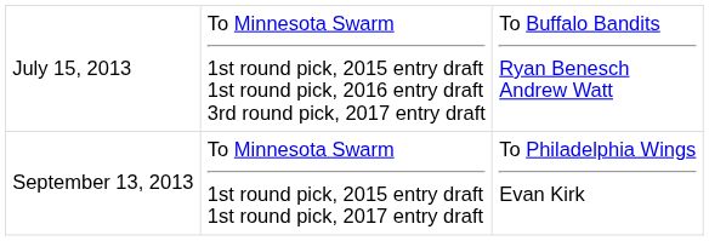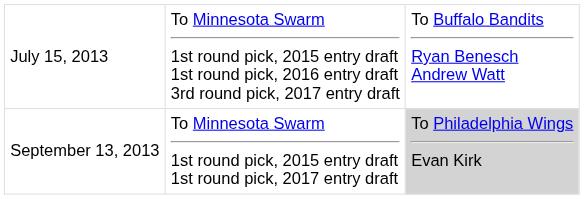 <table border=1 style="border-collapse:collapse" bordercolor="#DFDFDF"  cellpadding="5">
 <tr>
 <td>July 15, 2013</td>
 <td valign="top">To <a href='#'>Minnesota Swarm</a><hr>1st round pick, 2015 entry draft<br>1st round pick, 2016 entry draft<br>3rd round pick, 2017 entry draft</td>
 <td valign="top">To <a href='#'>Buffalo Bandits</a><hr><a href='#'>Ryan Benesch</a><br><a href='#'>Andrew Watt</a></td>
 </tr>
 <tr>
 <td>September 13, 2013</td>
 <td valign="top">To <a href='#'>Minnesota Swarm</a><hr>1st round pick, 2015 entry draft<br>1st round pick, 2017 entry draft</td>
-<td valign="top">To <a href='#'>Philadelphia Wings</a><hr>Evan Kirk</td>
+<td valign="top" style="background: lightgrey;">To <a href='#'>Philadelphia Wings</a><hr>Evan Kirk</td>
 </tr>
 </table>
